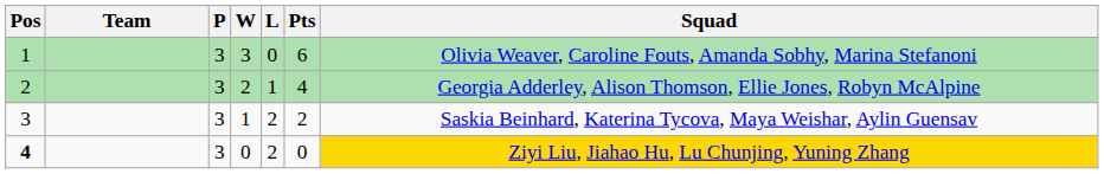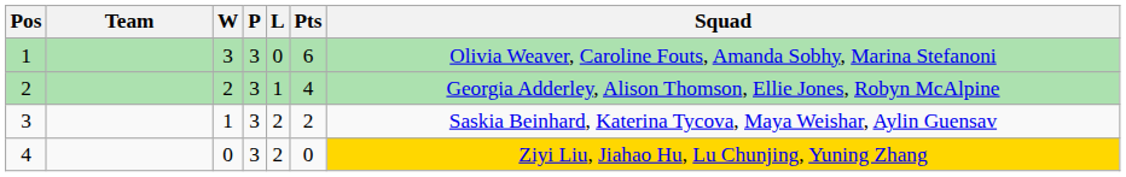 <table class="wikitable" style="font-size: 100%">
 <tr>
 <th width=20>Pos</th>
 <th width=120>Team</th>
+<th width=10>W</th>
 <th width=10>P</th>
-<th width=10>W</th>
 <th width=10>L</th>
 <th width=20>Pts</th>
 <th width=600>Squad</th>
 </tr>
 <tr align=center style="background:#ACE1AF;">
 <td>1</td>
 <td align="left"></td>
 <td>3</td>
 <td>3</td>
 <td>0</td>
 <td>6</td>
 <td><a href='#'>Olivia Weaver</a>, <a href='#'>Caroline Fouts</a>, <a href='#'>Amanda Sobhy</a>, <a href='#'>Marina Stefanoni</a></td>
 </tr>
 <tr align=center style="background:#ACE1AF;">
 <td>2</td>
 <td align="left"></td>
+<td>2</td>
 <td>3</td>
-<td>2</td>
 <td>1</td>
 <td>4</td>
 <td><a href='#'>Georgia Adderley</a>, <a href='#'>Alison Thomson</a>, <a href='#'>Ellie Jones</a>, <a href='#'>Robyn McAlpine</a></td>
 </tr>
 <tr align=center>
 <td>3</td>
 <td align="left"></td>
+<td>1</td>
 <td>3</td>
-<td>1</td>
 <td>2</td>
 <td>2</td>
 <td><a href='#'>Saskia Beinhard</a>, <a href='#'>Katerina Tycova</a>, <a href='#'>Maya Weishar</a>, <a href='#'>Aylin Guensav</a></td>
 </tr>
 <tr align=center>
-<td><strong>4</strong></td>
+<td>4</td>
 <td align="left"></td>
+<td>0</td>
 <td>3</td>
-<td>0</td>
 <td>2</td>
 <td>0</td>
 <td style="background: gold;"><a href='#'>Ziyi Liu</a>, <a href='#'>Jiahao Hu</a>, <a href='#'>Lu Chunjing</a>, <a href='#'>Yuning Zhang</a></td>
 </tr>
 </table>
